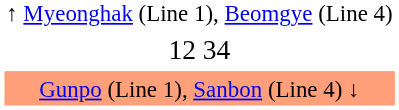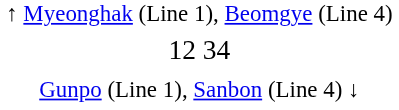 <table style="text-align:center;">
 <tr>
 <td><small>↑ <a href='#'>Myeonghak</a> (Line 1), <a href='#'>Beomgye</a> (Line 4)</small></td>
 </tr>
 <tr>
 <td>  <span>1</span><span>2</span>     <span>3</span><span>4</span> </td>
 </tr>
 <tr>
-<td style="background: lightsalmon;"><small><a href='#'>Gunpo</a> (Line 1), <a href='#'>Sanbon</a> (Line 4) ↓</small></td>
+<td><small><a href='#'>Gunpo</a> (Line 1), <a href='#'>Sanbon</a> (Line 4) ↓</small></td>
 </tr>
 </table>
